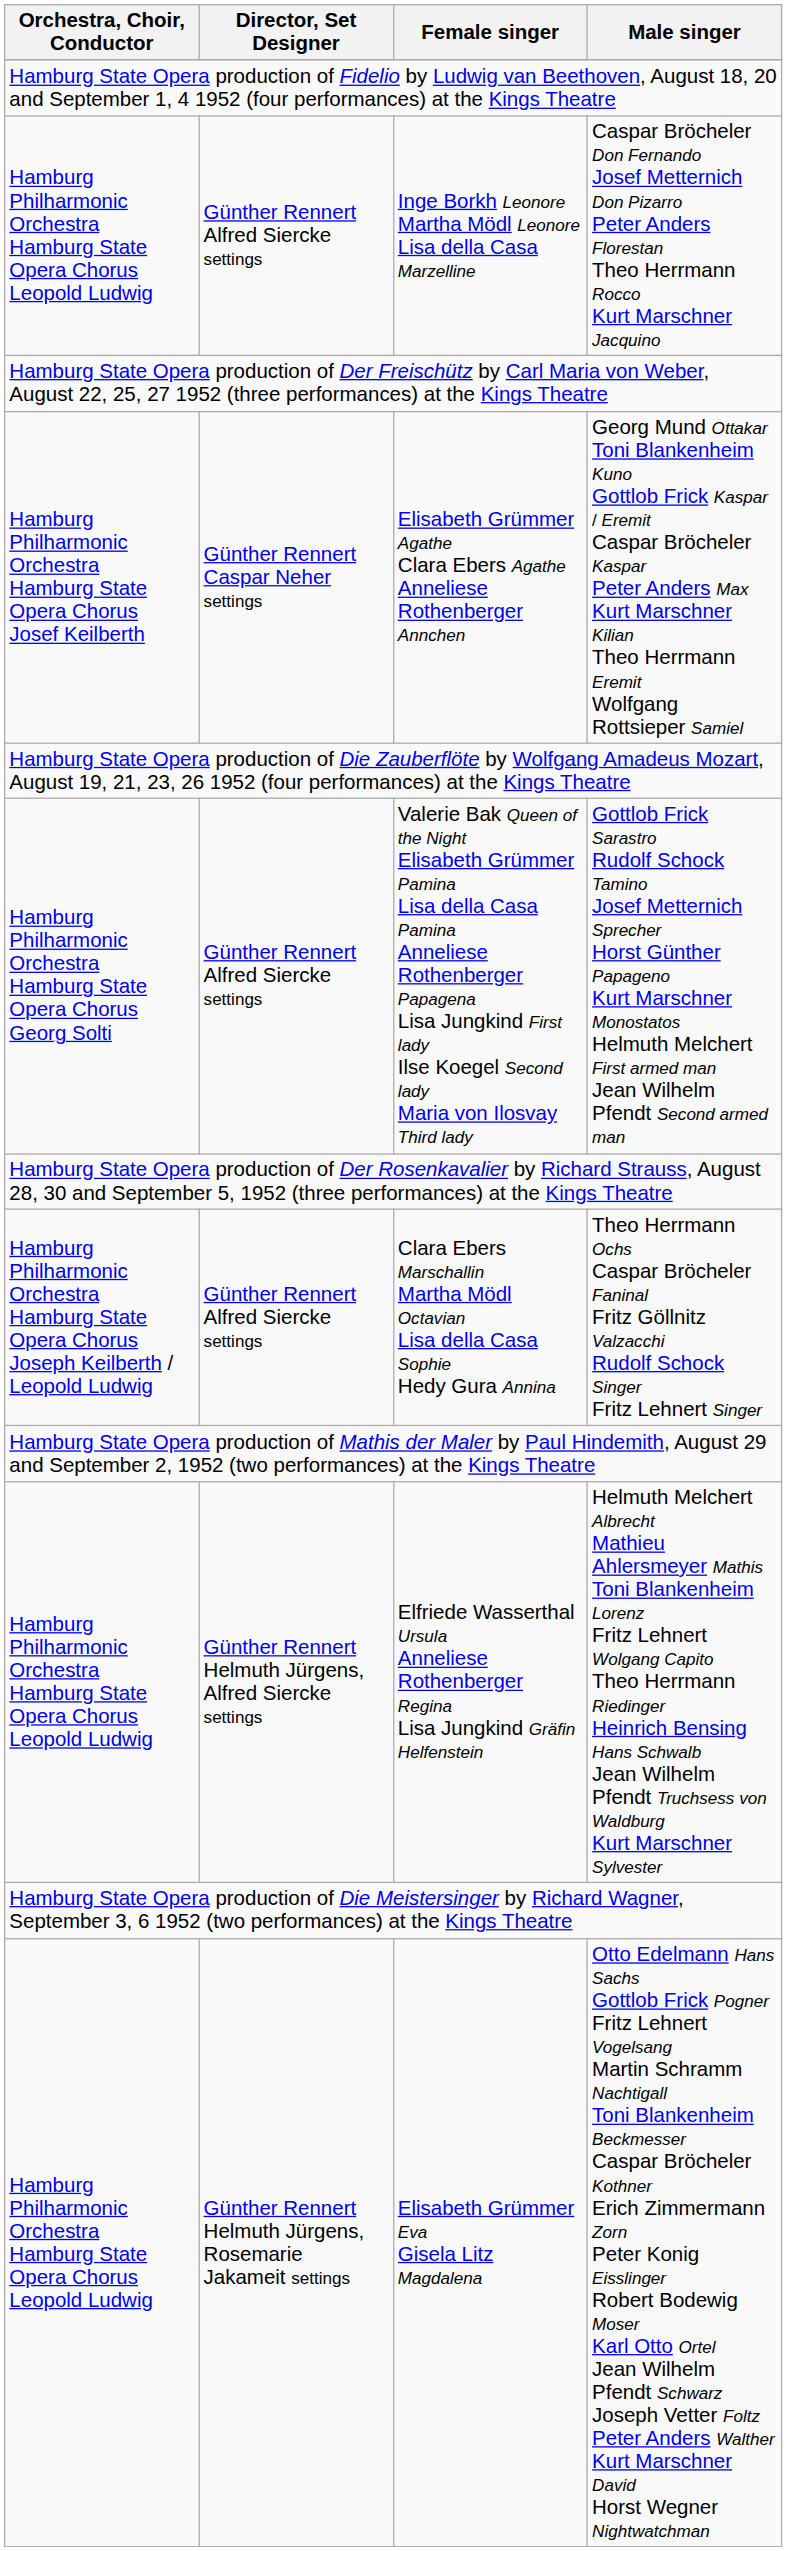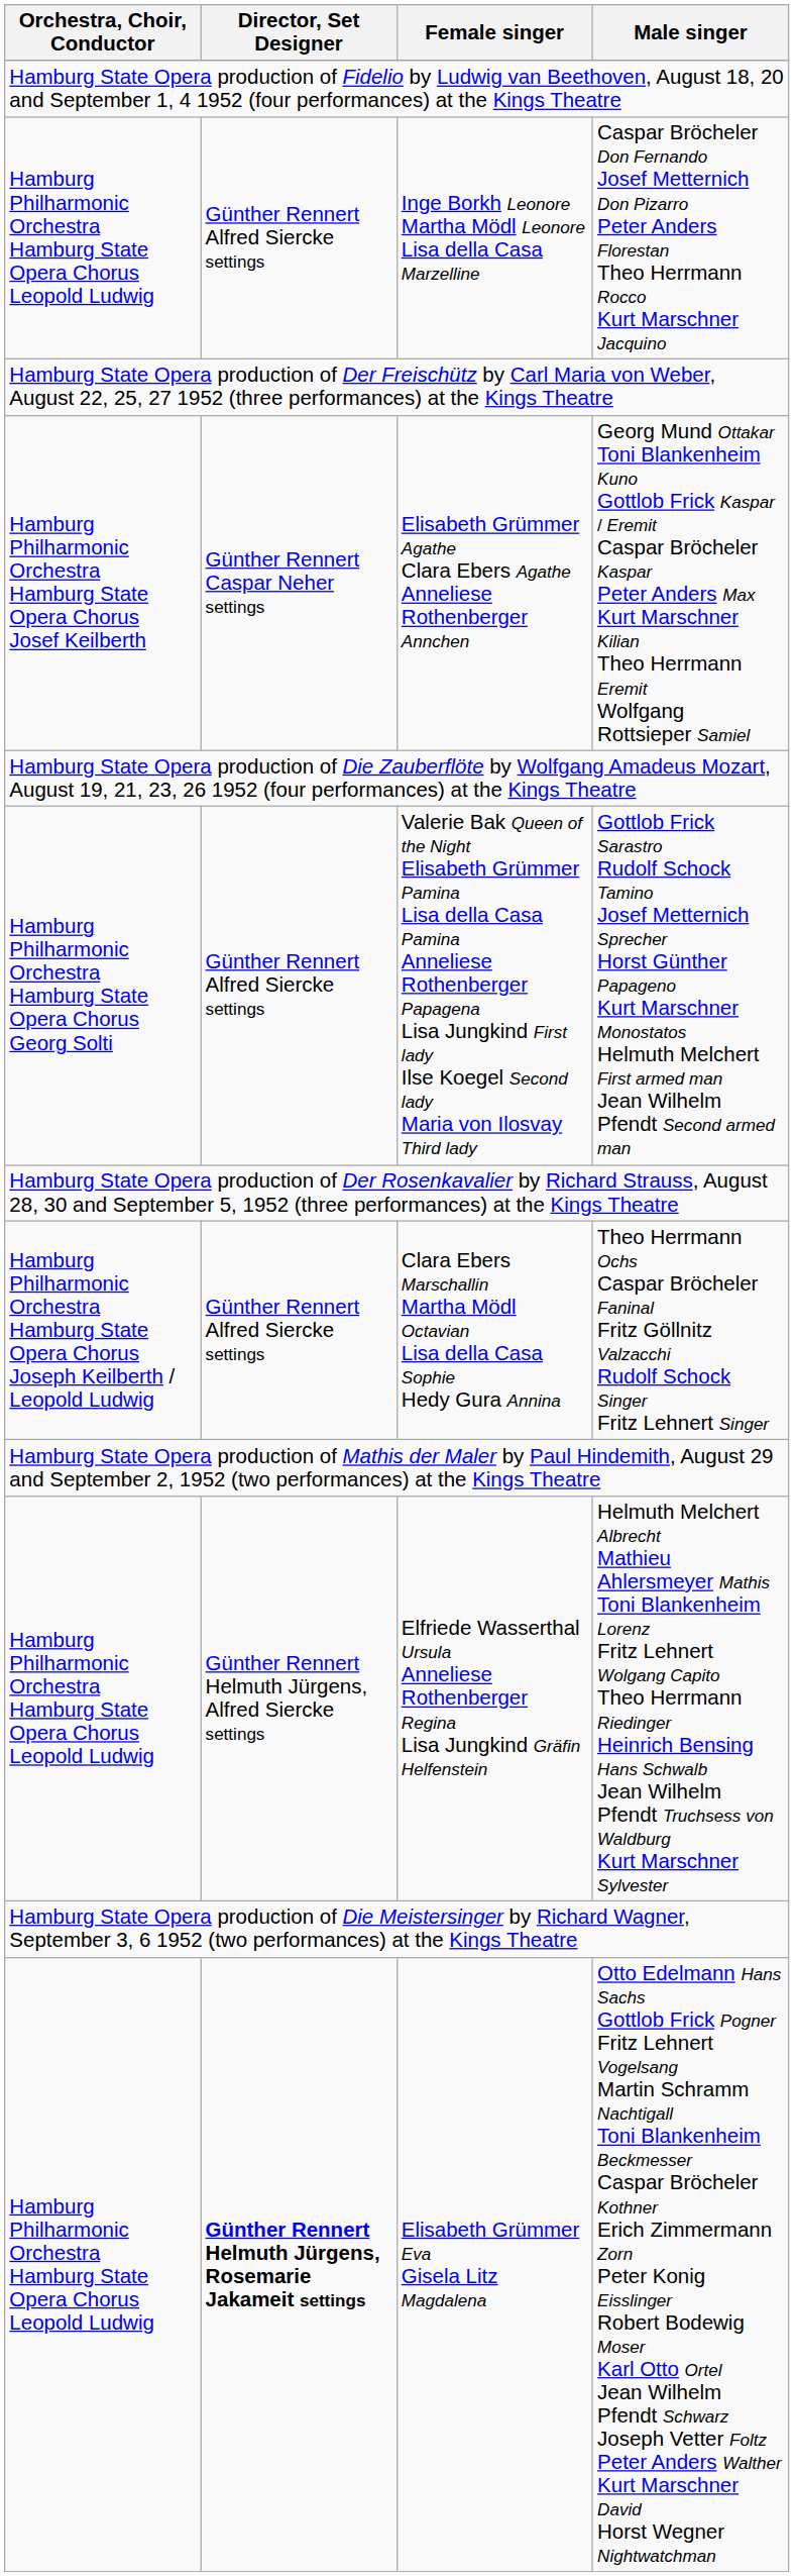 <table class="wikitable toptextcells">
 <tr class="hintergrundfarbe5">
 <th style="width:25%;">Orchestra, Choir, Conductor</th>
 <th style="width:25%;">Director, Set Designer</th>
 <th style="width:25%;">Female singer</th>
 <th style="width:25%;">Male singer</th>
 </tr>
 <tr>
 </tr>
 <tr class="hintergrundfarbe8">
 <td colspan="9"><a href='#'>Hamburg State Opera</a> production of <em><a href='#'>Fidelio</a></em> by <a href='#'>Ludwig van Beethoven</a>, August 18, 20  and September 1, 4  1952 (four performances) at the <a href='#'>Kings Theatre</a></td>
 </tr>
 <tr>
 <td><a href='#'>Hamburg Philharmonic Orchestra</a><br><a href='#'>Hamburg State Opera Chorus</a><br><a href='#'>Leopold Ludwig</a></td>
 <td><a href='#'>Günther Rennert</a><br>Alfred Siercke  <small>settings</small></td>
 <td><a href='#'>Inge Borkh</a> <small><em>Leonore</em></small><br><a href='#'>Martha Mödl</a> <small><em>Leonore</em></small><br><a href='#'>Lisa della Casa</a> <small><em>Marzelline</em></small></td>
 <td>Caspar Bröcheler <small><em>Don Fernando</em></small><br><a href='#'>Josef Metternich</a> <small><em>Don Pizarro</em></small><br><a href='#'>Peter Anders</a> <small><em>Florestan</em></small><br>Theo Herrmann <small><em>Rocco</em></small><br><a href='#'>Kurt Marschner</a> <small><em>Jacquino</em></small></td>
 </tr>
 <tr class="hintergrundfarbe8">
 <td colspan="9"><a href='#'>Hamburg State Opera</a> production of <em><a href='#'>Der Freischütz</a></em> by <a href='#'>Carl Maria von Weber</a>, August 22, 25, 27 1952 (three performances) at the <a href='#'>Kings Theatre</a></td>
 </tr>
 <tr>
 <td><a href='#'>Hamburg Philharmonic Orchestra</a><br><a href='#'>Hamburg State Opera Chorus</a><br><a href='#'>Josef Keilberth</a></td>
 <td><a href='#'>Günther Rennert</a><br><a href='#'>Caspar Neher</a> <small>settings</small></td>
 <td><a href='#'>Elisabeth Grümmer</a> <small><em>Agathe</em></small><br>Clara Ebers <small><em>Agathe</em></small><br><a href='#'>Anneliese Rothenberger</a> <small><em>Annchen</em></small></td>
 <td>Georg Mund <small><em>Ottakar</em></small><br><a href='#'>Toni Blankenheim</a> <small><em>Kuno</em></small><br><a href='#'>Gottlob Frick</a> <small><em>Kaspar</em> / <em>Eremit</em></small><br>Caspar Bröcheler <small><em>Kaspar</em></small><br><a href='#'>Peter Anders</a> <small><em>Max</em></small><br><a href='#'>Kurt Marschner</a> <small><em>Kilian</em></small><br>Theo Herrmann <small><em>Eremit</em></small><br>Wolfgang Rottsieper <small><em>Samiel</em></small></td>
 </tr>
 <tr class="hintergrundfarbe8">
 <td colspan="9"><a href='#'>Hamburg State Opera</a> production of <em><a href='#'>Die Zauberflöte</a></em> by <a href='#'>Wolfgang Amadeus Mozart</a>, August 19, 21, 23, 26 1952 (four performances) at the <a href='#'>Kings Theatre</a></td>
 </tr>
 <tr>
 <td><a href='#'>Hamburg Philharmonic Orchestra</a><br><a href='#'>Hamburg State Opera Chorus</a><br><a href='#'>Georg Solti</a></td>
 <td><a href='#'>Günther Rennert</a><br>Alfred Siercke <small>settings</small></td>
 <td>Valerie Bak <small><em>Queen of the Night</em></small><br><a href='#'>Elisabeth Grümmer</a> <small><em>Pamina</em></small><br><a href='#'>Lisa della Casa</a> <small><em>Pamina</em></small><br><a href='#'>Anneliese Rothenberger</a> <small><em>Papagena</em></small><br>Lisa Jungkind <small><em>First lady</em></small><br>Ilse Koegel <small><em>Second lady</em></small><br><a href='#'>Maria von Ilosvay</a> <small><em>Third lady</em></small></td>
 <td><a href='#'>Gottlob Frick</a> <small><em>Sarastro</em></small><br><a href='#'>Rudolf Schock</a> <small><em>Tamino</em></small><br><a href='#'>Josef Metternich</a> <small><em>Sprecher</em></small><br><a href='#'>Horst Günther</a> <small><em>Papageno</em></small><br><a href='#'>Kurt Marschner</a> <small><em>Monostatos</em></small><br>Helmuth Melchert <small><em>First armed man</em></small><br>Jean Wilhelm Pfendt <small><em>Second armed man</em></small></td>
 </tr>
 <tr class="hintergrundfarbe8">
 <td colspan="9"><a href='#'>Hamburg State Opera</a> production of <em><a href='#'>Der Rosenkavalier</a></em> by <a href='#'>Richard Strauss</a>, August 28, 30 and September 5, 1952 (three performances) at the <a href='#'>Kings Theatre</a></td>
 </tr>
 <tr>
 <td><a href='#'>Hamburg Philharmonic Orchestra</a><br><a href='#'>Hamburg State Opera Chorus</a><br><a href='#'>Joseph Keilberth</a> / <a href='#'>Leopold Ludwig</a></td>
 <td><a href='#'>Günther Rennert</a><br>Alfred Siercke <small>settings</small></td>
 <td>Clara Ebers <small><em>Marschallin</em></small><br><a href='#'>Martha Mödl</a> <small><em>Octavian</em></small><br><a href='#'>Lisa della Casa</a> <small><em>Sophie</em></small><br>Hedy Gura <small><em>Annina</em></small></td>
 <td>Theo Herrmann <small><em>Ochs</em></small><br>Caspar Bröcheler <small><em>Faninal</em></small><br>Fritz Göllnitz <small><em>Valzacchi</em></small><br><a href='#'>Rudolf Schock</a> <small><em>Singer</em></small><br>Fritz Lehnert <small><em>Singer</em></small></td>
 </tr>
 <tr class="hintergrundfarbe8">
 <td colspan="9"><a href='#'>Hamburg State Opera</a> production of <em><a href='#'>Mathis der Maler</a></em> by <a href='#'>Paul Hindemith</a>, August 29 and September 2, 1952 (two performances) at the <a href='#'>Kings Theatre</a></td>
 </tr>
 <tr>
 <td><a href='#'>Hamburg Philharmonic Orchestra</a><br><a href='#'>Hamburg State Opera Chorus</a><br><a href='#'>Leopold Ludwig</a></td>
 <td><a href='#'>Günther Rennert</a><br>Helmuth Jürgens, Alfred Siercke <small>settings</small></td>
 <td>Elfriede Wasserthal <small><em>Ursula</em></small><br><a href='#'>Anneliese Rothenberger</a> <small><em>Regina</em></small><br>Lisa Jungkind <small><em>Gräfin Helfenstein</em></small></td>
 <td>Helmuth Melchert <small><em>Albrecht</em></small><br><a href='#'>Mathieu Ahlersmeyer</a> <small><em>Mathis</em></small><br><a href='#'>Toni Blankenheim</a> <small><em>Lorenz</em></small><br>Fritz Lehnert <small><em>Wolgang Capito</em></small><br>Theo Herrmann <small><em>Riedinger</em></small><br><a href='#'>Heinrich Bensing</a> <small><em>Hans Schwalb</em></small><br>Jean Wilhelm Pfendt <small><em>Truchsess von Waldburg</em></small><br><a href='#'>Kurt Marschner</a> <small><em>Sylvester</em></small></td>
 </tr>
 <tr class="hintergrundfarbe8">
 <td colspan="9"><a href='#'>Hamburg State Opera</a> production of <em><a href='#'>Die Meistersinger</a></em> by <a href='#'>Richard Wagner</a>, September 3, 6 1952 (two performances) at the <a href='#'>Kings Theatre</a></td>
 </tr>
 <tr>
 <td><a href='#'>Hamburg Philharmonic Orchestra</a><br><a href='#'>Hamburg State Opera Chorus</a><br><a href='#'>Leopold Ludwig</a></td>
-<td><a href='#'>Günther Rennert</a><br>Helmuth Jürgens, Rosemarie Jakameit <small>settings</small></td>
+<td><strong><a href='#'>Günther Rennert</a><br>Helmuth Jürgens, Rosemarie Jakameit <small>settings</small></strong></td>
 <td><a href='#'>Elisabeth Grümmer</a> <small><em>Eva</em></small><br><a href='#'>Gisela Litz</a> <small><em>Magdalena</em></small></td>
 <td><a href='#'>Otto Edelmann</a> <small><em>Hans Sachs</em></small><br><a href='#'>Gottlob Frick</a> <small><em>Pogner</em></small><br>Fritz Lehnert <small><em>Vogelsang</em></small><br>Martin Schramm <small><em>Nachtigall</em></small><br><a href='#'>Toni Blankenheim</a> <small><em>Beckmesser</em></small><br>Caspar Bröcheler <small><em>Kothner</em></small><br>Erich Zimmermann <small><em>Zorn</em></small><br>Peter Konig <small><em>Eisslinger</em></small><br>Robert Bodewig <small><em>Moser</em></small><br><a href='#'>Karl Otto</a> <small><em>Ortel</em></small><br>Jean Wilhelm Pfendt <small><em>Schwarz</em></small><br>Joseph Vetter <small><em>Foltz</em></small><br><a href='#'>Peter Anders</a> <small><em>Walther</em></small><br><a href='#'>Kurt Marschner</a> <small><em>David</em></small><br>Horst Wegner <small><em>Nightwatchman</em></small></td>
 </tr>
 </table>
